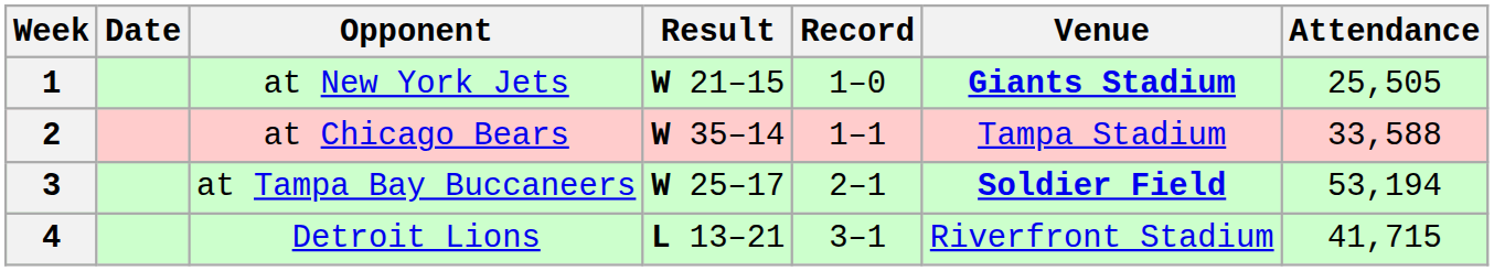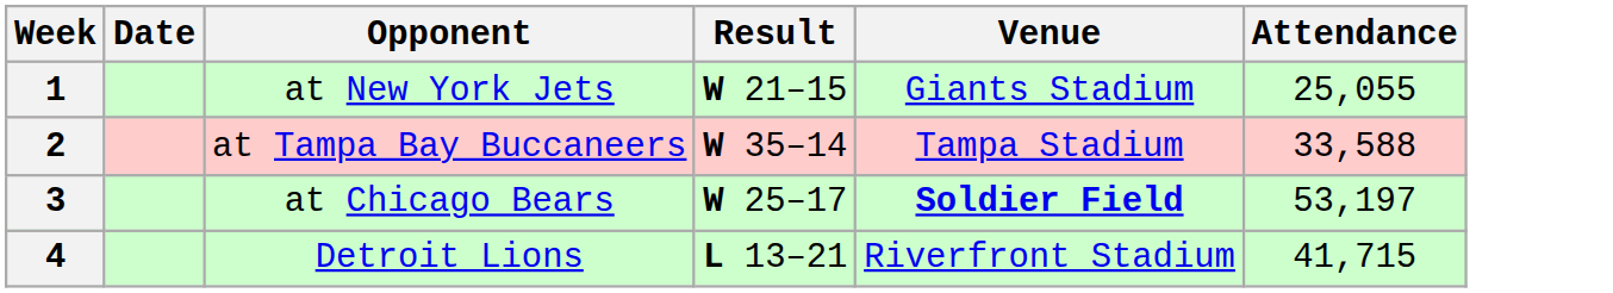 <table class="wikitable" style="text-align:center">
 <tr>
 <th>Week</th>
 <th>Date</th>
 <th>Opponent</th>
 <th>Result</th>
-<th>Record</th>
 <th>Venue</th>
 <th>Attendance</th>
 </tr>
 <tr style="background:#cfc">
 <th>1</th>
 <td></td>
 <td>at <a href='#'>New York Jets</a></td>
 <td><strong>W</strong> 21–15</td>
-<td>1–0</td>
-<td><strong><a href='#'>Giants Stadium</a></strong></td>
-<td>25,505</td>
+<td><a href='#'>Giants Stadium</a></td>
+<td>25,055</td>
 </tr>
 <tr style="background:#fcc">
 <th>2</th>
 <td></td>
-<td>at <a href='#'>Chicago Bears</a></td>
+<td>at <a href='#'>Tampa Bay Buccaneers</a></td>
 <td><strong>W</strong> 35–14</td>
-<td>1–1</td>
 <td><a href='#'>Tampa Stadium</a></td>
 <td>33,588</td>
 </tr>
 <tr style="background:#cfc">
 <th>3</th>
 <td></td>
-<td>at <a href='#'>Tampa Bay Buccaneers</a></td>
+<td>at <a href='#'>Chicago Bears</a></td>
 <td><strong>W</strong> 25–17</td>
-<td>2–1</td>
 <td><strong><a href='#'>Soldier Field</a></strong></td>
-<td>53,194</td>
+<td>53,197</td>
 </tr>
 <tr style="background:#cfc">
 <th>4</th>
 <td></td>
 <td><a href='#'>Detroit Lions</a></td>
 <td><strong>L</strong> 13–21</td>
-<td>3–1</td>
 <td><a href='#'>Riverfront Stadium</a></td>
 <td>41,715</td>
 </tr>
 </table>
